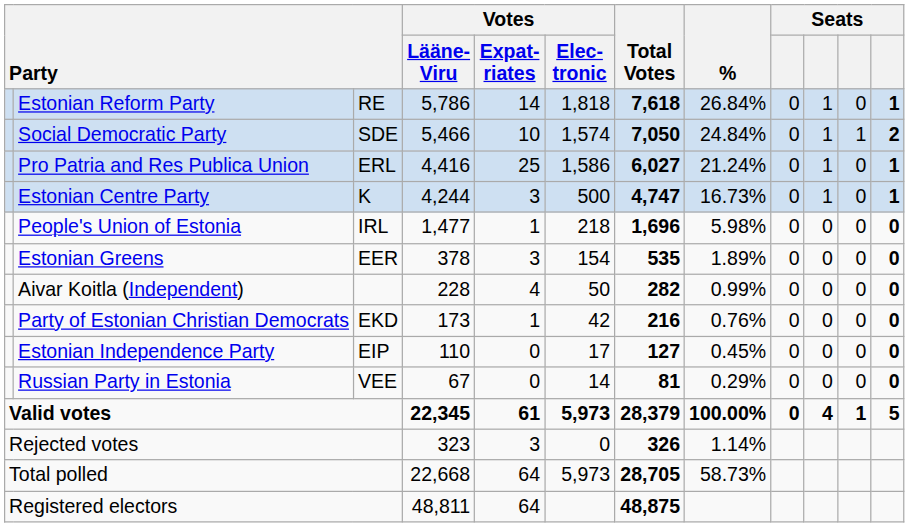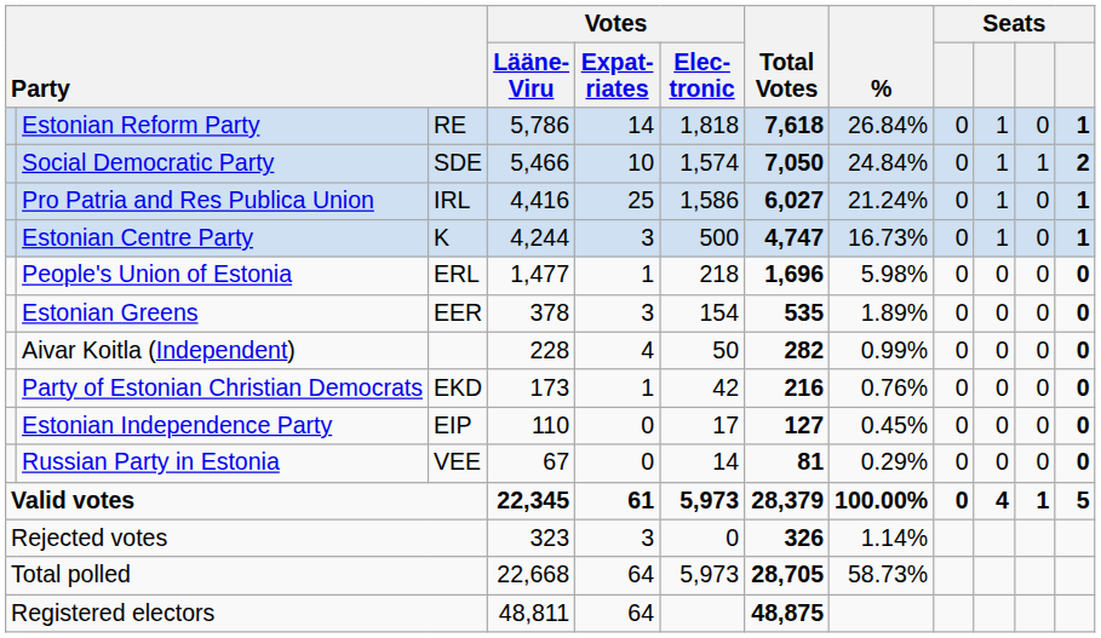 <table class="wikitable" border="1" style="text-align:right;">
 <tr>
 <th style="text-align:left;" valign=bottom rowspan=2 colspan=3>Party</th>
 <th colspan=3>Votes</th>
 <th align=center valign=bottom rowspan=2 width="50">Total Votes</th>
 <th align=center valign=bottom rowspan=2 width="50">%</th>
 <th colspan=4>Seats</th>
 </tr>
 <tr>
 <th align=center valign=bottom width="50"><a href='#'>Lääne- Viru</a></th>
 <th align=center valign=bottom width="50"><a href='#'>Expat- riates</a></th>
 <th align=center valign=bottom width="50"><a href='#'>Elec- tronic</a></th>
 <th align=center valign=bottom width="20"><small></small></th>
 <th align=center valign=bottom width="20"><small></small></th>
 <th align=center valign=bottom width="20"><small></small></th>
 <th align=center valign=bottom width="20"><small></small></th>
 </tr>
 <tr style="background:#CEE0F2;">
 <td style="background:"></td>
 <td align=left><a href='#'>Estonian Reform Party</a></td>
 <td align=left>RE</td>
 <td>5,786</td>
 <td>14</td>
 <td>1,818</td>
 <td><strong>7,618</strong></td>
 <td>26.84%</td>
 <td>0</td>
 <td>1</td>
 <td>0</td>
 <td><strong>1</strong></td>
 </tr>
 <tr style="background:#CEE0F2;">
 <td style="background:"></td>
 <td align=left><a href='#'>Social Democratic Party</a></td>
 <td align=left>SDE</td>
 <td>5,466</td>
 <td>10</td>
 <td>1,574</td>
 <td><strong>7,050</strong></td>
 <td>24.84%</td>
 <td>0</td>
 <td>1</td>
 <td>1</td>
 <td><strong>2</strong></td>
 </tr>
 <tr style="background:#CEE0F2;">
 <td style="background:"></td>
 <td align=left><a href='#'>Pro Patria and Res Publica Union</a></td>
-<td align=left>ERL</td>
+<td align=left>IRL</td>
 <td>4,416</td>
 <td>25</td>
 <td>1,586</td>
 <td><strong>6,027</strong></td>
 <td>21.24%</td>
 <td>0</td>
 <td>1</td>
 <td>0</td>
 <td><strong>1</strong></td>
 </tr>
 <tr style="background:#CEE0F2;">
 <td style="background:"></td>
 <td align=left><a href='#'>Estonian Centre Party</a></td>
 <td align=left>K</td>
 <td>4,244</td>
 <td>3</td>
 <td>500</td>
 <td><strong>4,747</strong></td>
 <td>16.73%</td>
 <td>0</td>
 <td>1</td>
 <td>0</td>
 <td><strong>1</strong></td>
 </tr>
 <tr>
 <td style="background:"></td>
 <td align=left><a href='#'>People's Union of Estonia</a></td>
-<td align=left>IRL</td>
+<td align=left>ERL</td>
 <td>1,477</td>
 <td>1</td>
 <td>218</td>
 <td><strong>1,696</strong></td>
 <td>5.98%</td>
 <td>0</td>
 <td>0</td>
 <td>0</td>
 <td><strong>0</strong></td>
 </tr>
 <tr>
 <td style="background:"></td>
 <td align=left><a href='#'>Estonian Greens</a></td>
 <td align=left>EER</td>
 <td>378</td>
 <td>3</td>
 <td>154</td>
 <td><strong>535</strong></td>
 <td>1.89%</td>
 <td>0</td>
 <td>0</td>
 <td>0</td>
 <td><strong>0</strong></td>
 </tr>
 <tr>
 <td style="background:"></td>
 <td align=left>Aivar Koitla (<a href='#'>Independent</a>)</td>
 <td></td>
 <td>228</td>
 <td>4</td>
 <td>50</td>
 <td><strong>282</strong></td>
 <td>0.99%</td>
 <td>0</td>
 <td>0</td>
 <td>0</td>
 <td><strong>0</strong></td>
 </tr>
 <tr>
 <td style="background:"></td>
 <td align=left><a href='#'>Party of Estonian Christian Democrats</a></td>
 <td align=left>EKD</td>
 <td>173</td>
 <td>1</td>
 <td>42</td>
 <td><strong>216</strong></td>
 <td>0.76%</td>
 <td>0</td>
 <td>0</td>
 <td>0</td>
 <td><strong>0</strong></td>
 </tr>
 <tr>
 <td style="background:"></td>
 <td align=left><a href='#'>Estonian Independence Party</a></td>
 <td align=left>EIP</td>
 <td>110</td>
 <td>0</td>
 <td>17</td>
 <td><strong>127</strong></td>
 <td>0.45%</td>
 <td>0</td>
 <td>0</td>
 <td>0</td>
 <td><strong>0</strong></td>
 </tr>
 <tr>
 <td></td>
 <td align=left><a href='#'>Russian Party in Estonia</a></td>
 <td align=left>VEE</td>
 <td>67</td>
 <td>0</td>
 <td>14</td>
 <td><strong>81</strong></td>
 <td>0.29%</td>
 <td>0</td>
 <td>0</td>
 <td>0</td>
 <td><strong>0</strong></td>
 </tr>
 <tr style="font-weight:bold">
 <td align=left colspan=3>Valid votes</td>
 <td>22,345</td>
 <td>61</td>
 <td>5,973</td>
 <td>28,379</td>
 <td>100.00%</td>
 <td>0</td>
 <td>4</td>
 <td>1</td>
 <td>5</td>
 </tr>
 <tr>
 <td align=left colspan=3>Rejected votes</td>
 <td>323</td>
 <td>3</td>
 <td>0</td>
 <td><strong>326</strong></td>
 <td>1.14%</td>
 <td></td>
 <td></td>
 <td></td>
 <td></td>
 </tr>
 <tr>
 <td align=left colspan=3>Total polled</td>
 <td>22,668</td>
 <td>64</td>
 <td>5,973</td>
 <td><strong>28,705</strong></td>
 <td>58.73%</td>
 <td></td>
 <td></td>
 <td></td>
 <td></td>
 </tr>
 <tr>
 <td align=left colspan=3>Registered electors</td>
 <td>48,811</td>
 <td>64</td>
 <td></td>
 <td><strong>48,875</strong></td>
 <td></td>
 <td></td>
 <td></td>
 <td></td>
 <td></td>
 </tr>
 </table>
